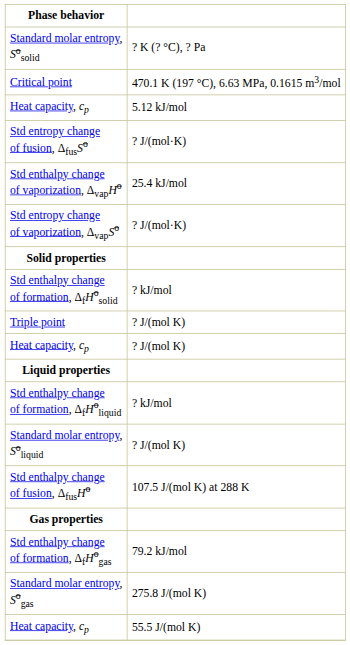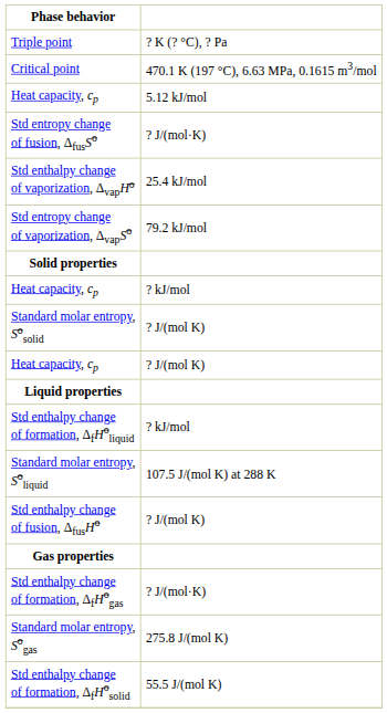 <table border="1" cellspacing="0" cellpadding="6" style="margin: 0 0 0 0.5em; background: #FFFFFF; border-collapse: collapse; border-color: #C0C090;">
 <tr>
 <th>Phase behavior</th>
 </tr>
 <tr>
-<td><a href='#'>Standard molar entropy</a>,<br><em>S</em><sup><s>o</s></sup><sub>solid</sub></td>
+<td><a href='#'>Triple point</a></td>
 <td>? K (? °C), ? Pa</td>
 </tr>
 <tr>
 <td><a href='#'>Critical point</a></td>
 <td>470.1 K (197 °C), 6.63 MPa, 0.1615 m<sup>3</sup>/mol</td>
 </tr>
 <tr>
 <td><a href='#'>Heat capacity</a>, <em>c<sub>p</sub></em></td>
 <td>5.12 kJ/mol</td>
 </tr>
 <tr>
 <td><a href='#'>Std entropy change<br>of fusion</a>, Δ<sub>fus</sub><em>S</em><sup><s>o</s></sup></td>
 <td>? J/(mol·K)</td>
 </tr>
 <tr>
 <td><a href='#'>Std enthalpy change<br>of vaporization</a>, Δ<sub>vap</sub><em>H</em><sup><s>o</s></sup></td>
 <td>25.4 kJ/mol</td>
 </tr>
 <tr>
 <td><a href='#'>Std entropy change<br>of vaporization</a>, Δ<sub>vap</sub><em>S</em><sup><s>o</s></sup></td>
-<td>? J/(mol·K)</td>
+<td>79.2 kJ/mol</td>
 </tr>
 <tr>
 <th>Solid properties</th>
 </tr>
 <tr>
-<td><a href='#'>Std enthalpy change<br>of formation</a>, Δ<sub>f</sub><em>H</em><sup><s>o</s></sup><sub>solid</sub></td>
+<td><a href='#'>Heat capacity</a>, <em>c<sub>p</sub></em></td>
 <td>? kJ/mol</td>
 </tr>
 <tr>
-<td><a href='#'>Triple point</a></td>
+<td><a href='#'>Standard molar entropy</a>,<br><em>S</em><sup><s>o</s></sup><sub>solid</sub></td>
 <td>? J/(mol K)</td>
 </tr>
 <tr>
 <td><a href='#'>Heat capacity</a>, <em>c<sub>p</sub></em></td>
 <td>? J/(mol K)</td>
 </tr>
 <tr>
 <th>Liquid properties</th>
 </tr>
 <tr>
 <td><a href='#'>Std enthalpy change<br>of formation</a>, Δ<sub>f</sub><em>H</em><sup><s>o</s></sup><sub>liquid</sub></td>
 <td>? kJ/mol</td>
 </tr>
 <tr>
 <td><a href='#'>Standard molar entropy</a>,<br><em>S</em><sup><s>o</s></sup><sub>liquid</sub></td>
-<td>? J/(mol K)</td>
+<td>107.5 J/(mol K) at 288 K</td>
 </tr>
 <tr>
 <td><a href='#'>Std enthalpy change<br>of fusion</a>, Δ<sub>fus</sub><em>H</em><sup><s>o</s></sup></td>
-<td>107.5 J/(mol K) at 288 K</td>
+<td>? J/(mol K)</td>
 </tr>
 <tr>
 <th>Gas properties</th>
 </tr>
 <tr>
 <td><a href='#'>Std enthalpy change<br>of formation</a>, Δ<sub>f</sub><em>H</em><sup><s>o</s></sup><sub>gas</sub></td>
-<td>79.2 kJ/mol</td>
+<td>? J/(mol·K)</td>
 </tr>
 <tr>
 <td><a href='#'>Standard molar entropy</a>,<br><em>S</em><sup><s>o</s></sup><sub>gas</sub></td>
 <td>275.8 J/(mol K)</td>
 </tr>
 <tr>
-<td><a href='#'>Heat capacity</a>, <em>c<sub>p</sub></em></td>
+<td><a href='#'>Std enthalpy change<br>of formation</a>, Δ<sub>f</sub><em>H</em><sup><s>o</s></sup><sub>solid</sub></td>
 <td>55.5 J/(mol K)</td>
 </tr>
 <tr>
 </tr>
 </table>
